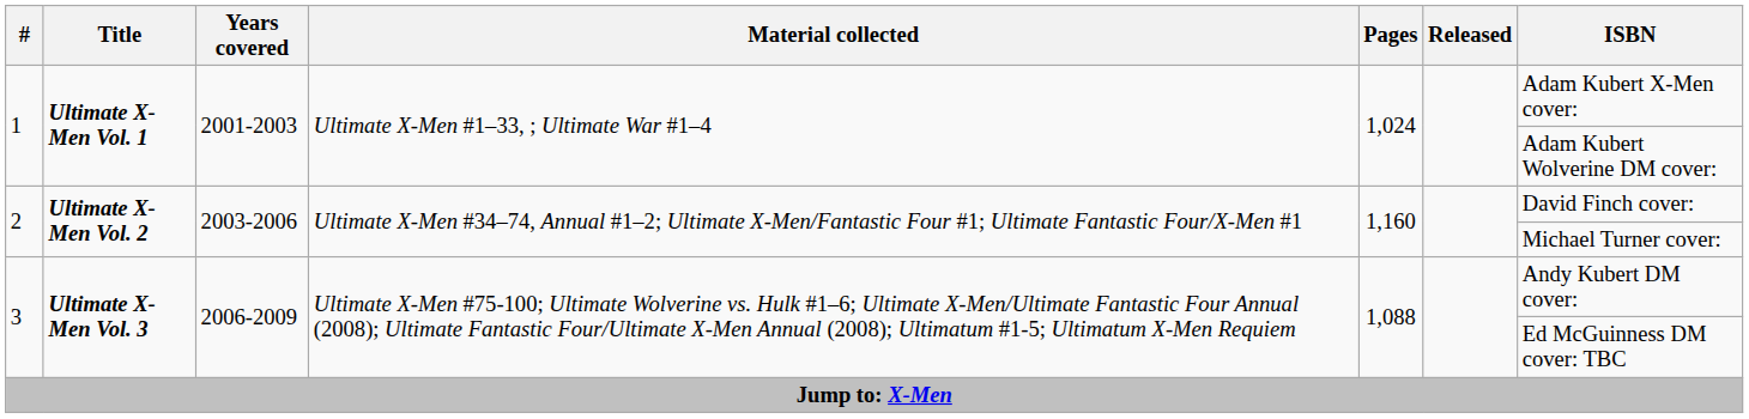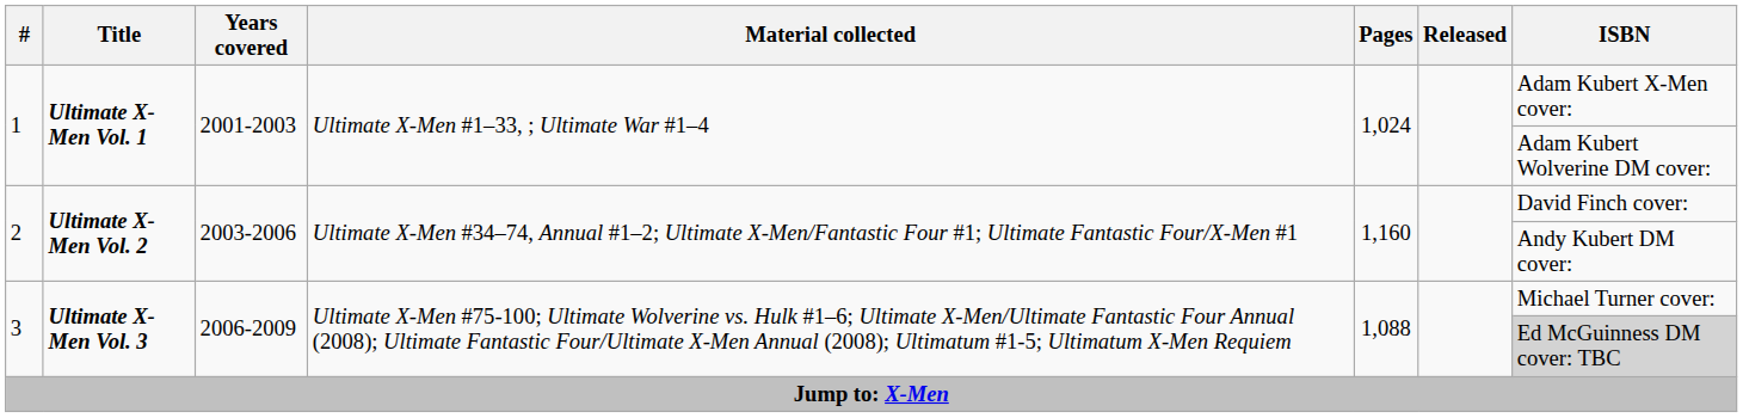 <table class="wikitable sortable" width=99%>
 <tr>
 <th class="unsortable" width=20px>#</th>
 <th>Title</th>
 <th>Years covered</th>
 <th class="unsortable">Material collected</th>
 <th>Pages</th>
 <th>Released</th>
 <th class="unsortable">ISBN</th>
 </tr>
 <tr>
 <td rowspan=2>1</td>
 <td rowspan=2><strong><em>Ultimate X-Men Vol. 1</em></strong></td>
 <td rowspan=2>2001-2003</td>
 <td rowspan=2><em>Ultimate X-Men</em> #1–33, ; <em>Ultimate War</em> #1–4</td>
 <td style="text-align: center;" rowspan=2>1,024</td>
 <td rowspan=2></td>
 <td>Adam Kubert X-Men cover: </td>
 </tr>
 <tr>
 <td>Adam Kubert Wolverine DM cover: </td>
 </tr>
 <tr>
 <td rowspan=2>2</td>
 <td rowspan=2><strong><em>Ultimate X-Men Vol. 2</em></strong></td>
 <td rowspan=2>2003-2006</td>
 <td rowspan=2><em>Ultimate X-Men</em> #34–74, <em>Annual</em> #1–2; <em>Ultimate X-Men/Fantastic Four</em> #1; <em>Ultimate Fantastic Four/X-Men</em> #1</td>
 <td style="text-align: center;" rowspan=2>1,160</td>
 <td rowspan=2></td>
 <td>David Finch cover: </td>
 </tr>
 <tr>
-<td>Michael Turner cover: </td>
+<td>Andy Kubert DM cover: </td>
 </tr>
 <tr>
 <td rowspan=2>3</td>
 <td rowspan=2><strong><em>Ultimate X-Men Vol. 3</em></strong></td>
 <td rowspan=2>2006-2009</td>
 <td rowspan=2><em>Ultimate X-Men</em> #75-100; <em>Ultimate Wolverine vs. Hulk</em> #1–6; <em>Ultimate X-Men/Ultimate Fantastic Four Annual</em> (2008); <em>Ultimate Fantastic Four/Ultimate X-Men Annual</em> (2008); <em>Ultimatum</em> #1-5; <em>Ultimatum X-Men Requiem</em></td>
 <td style="text-align: center;" rowspan=2>1,088</td>
 <td rowspan=2></td>
-<td>Andy Kubert DM cover: </td>
+<td>Michael Turner cover: </td>
 </tr>
 <tr>
-<td>Ed McGuinness DM cover: TBC</td>
+<td style="background: lightgrey;">Ed McGuinness DM cover: TBC</td>
 </tr>
 <tr>
 <th colspan=7 style="background-color: silver;">Jump to: <a href='#'><em>X-Men</em></a></th>
 </tr>
 </table>
